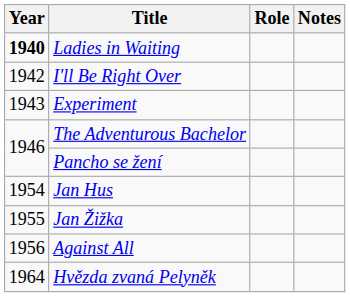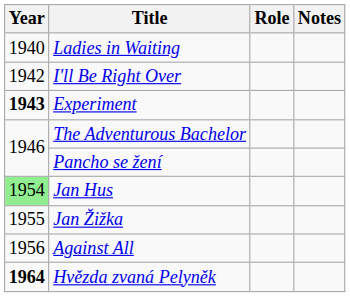 <table class="wikitable sortable">
 <tr>
 <th>Year</th>
 <th>Title</th>
 <th>Role</th>
 <th class="unsortable">Notes</th>
 </tr>
 <tr>
-<td><strong>1940</strong></td>
+<td>1940</td>
 <td><em><a href='#'>Ladies in Waiting</a></em></td>
 <td></td>
 <td></td>
 </tr>
 <tr>
 <td>1942</td>
 <td><em><a href='#'>I'll Be Right Over</a></em></td>
 <td></td>
 <td></td>
 </tr>
 <tr>
-<td>1943</td>
+<td><strong>1943</strong></td>
 <td><em><a href='#'>Experiment</a></em></td>
 <td></td>
 <td></td>
 </tr>
 <tr>
 <td rowspan=2>1946</td>
 <td><em><a href='#'>The Adventurous Bachelor</a></em></td>
 <td></td>
 <td></td>
 </tr>
 <tr>
 <td><em><a href='#'>Pancho se žení</a></em></td>
 <td></td>
 <td></td>
 </tr>
 <tr>
-<td>1954</td>
+<td style="background: lightgreen;">1954</td>
 <td><em><a href='#'>Jan Hus</a></em></td>
 <td></td>
 <td></td>
 </tr>
 <tr>
 <td>1955</td>
 <td><em><a href='#'>Jan Žižka</a></em></td>
 <td></td>
 <td></td>
 </tr>
 <tr>
 <td>1956</td>
 <td><em><a href='#'>Against All</a></em></td>
 <td></td>
 <td></td>
 </tr>
 <tr>
-<td>1964</td>
+<td><strong>1964</strong></td>
 <td><em><a href='#'>Hvězda zvaná Pelyněk</a></em></td>
 <td></td>
 <td></td>
 </tr>
 </table>
